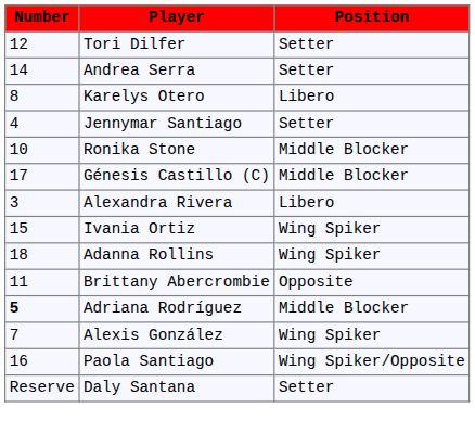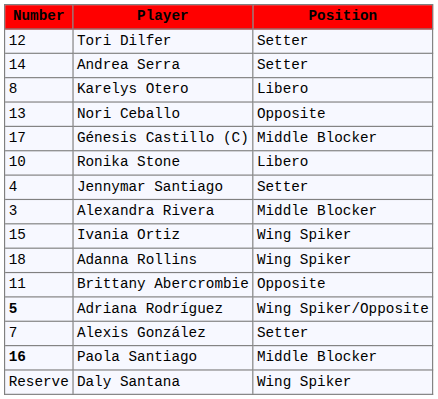 <table bgcolor="#f7f8ff" cellpadding="3" cellspacing="0" border="1" style="font-size: 95%; border: gray solid 1px; border-collapse: collapse;">
 <tr bgcolor="#ff0000">
 <td align=center><strong>Number</strong></td>
 <td align=center><strong>Player</strong></td>
 <td align=center><strong>Position</strong></td>
 </tr>
 <tr align="left">
 <td>12</td>
 <td> Tori Dilfer</td>
 <td>Setter</td>
 </tr>
 <tr align=left>
 <td>14</td>
 <td> Andrea Serra</td>
 <td>Setter</td>
 </tr>
 <tr align="left">
 <td>8</td>
 <td> Karelys Otero</td>
 <td>Libero</td>
 </tr>
 <tr align="left">
-<td>4</td>
-<td> Jennymar Santiago</td>
-<td>Setter</td>
-</tr>
-<tr align="left">
-<td>10</td>
-<td> Ronika Stone</td>
-<td>Middle Blocker</td>
+<td>13</td>
+<td> Nori Ceballo</td>
+<td>Opposite</td>
 </tr>
 <tr align="left">
 <td>17</td>
 <td> Génesis Castillo (C)</td>
 <td>Middle Blocker</td>
 </tr>
 <tr align="left">
+<td>10</td>
+<td> Ronika Stone</td>
+<td>Libero</td>
+</tr>
+<tr align="left">
+<td>4</td>
+<td> Jennymar Santiago</td>
+<td>Setter</td>
+</tr>
+<tr align="left">
 <td>3</td>
 <td> Alexandra Rivera</td>
-<td>Libero</td>
+<td>Middle Blocker</td>
 </tr>
 <tr align="left">
 <td>15</td>
 <td> Ivania Ortiz</td>
 <td>Wing Spiker</td>
 </tr>
 <tr align="left">
 <td>18</td>
 <td> Adanna Rollins</td>
 <td>Wing Spiker</td>
 </tr>
 <tr align="left">
 <td>11</td>
 <td> Brittany Abercrombie</td>
 <td>Opposite</td>
 </tr>
 <tr align="left">
 <td><strong>5</strong></td>
 <td>Adriana Rodríguez</td>
-<td>Middle Blocker</td>
+<td>Wing Spiker/Opposite</td>
 </tr>
 <tr align="left">
 <td>7</td>
 <td>Alexis González</td>
-<td>Wing Spiker</td>
+<td>Setter</td>
 </tr>
 <tr align="left">
-<td>16</td>
+<td><strong>16</strong></td>
 <td>Paola Santiago</td>
-<td>Wing Spiker/Opposite</td>
+<td>Middle Blocker</td>
 </tr>
 <tr align="left">
 <td>Reserve</td>
 <td>Daly Santana</td>
-<td>Setter</td>
+<td>Wing Spiker</td>
 </tr>
 </table>
